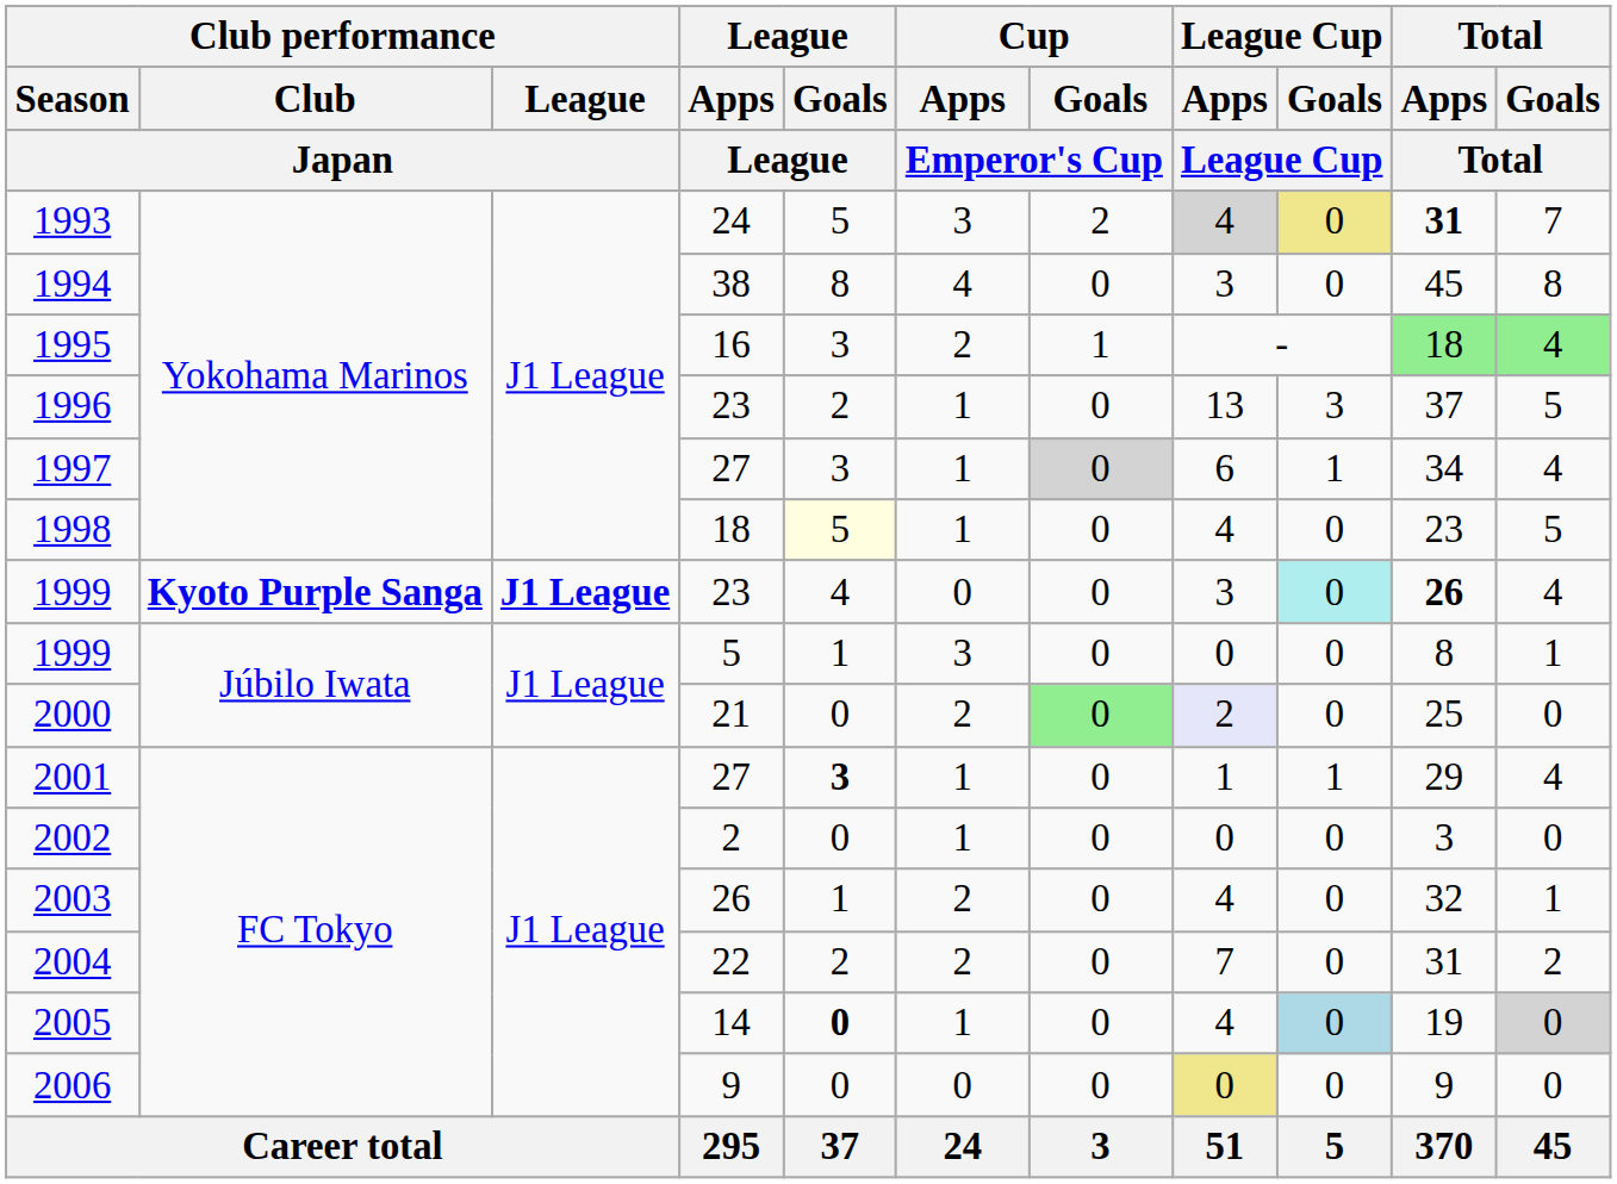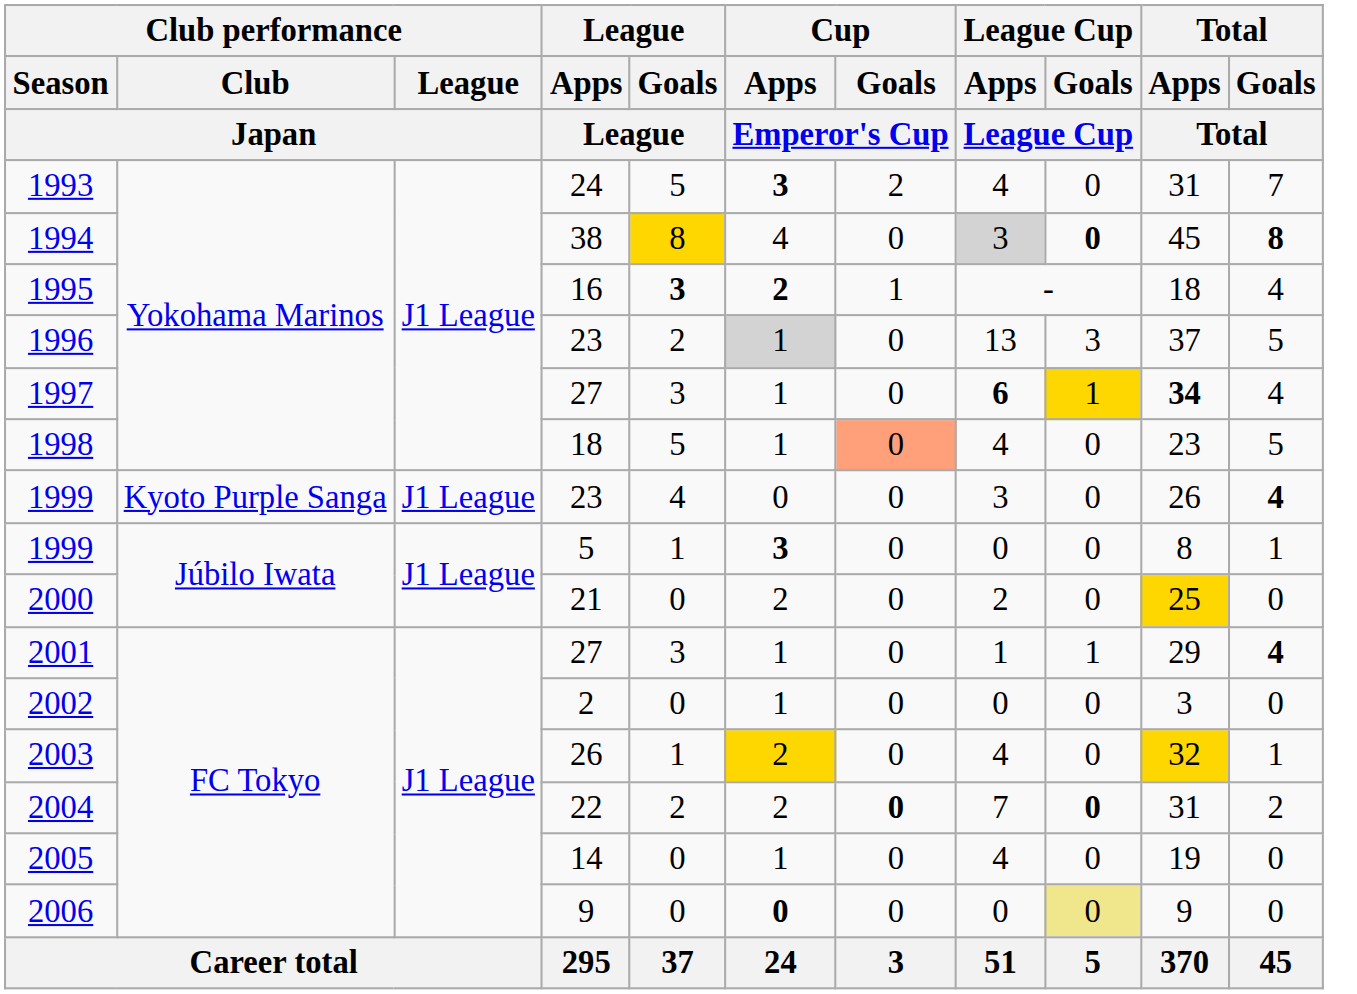 <table class="wikitable" style="text-align:center">
 <tr>
 <th colspan=3>Club performance</th>
 <th colspan=2>League</th>
 <th colspan=2>Cup</th>
 <th colspan=2>League Cup</th>
 <th colspan=2>Total</th>
 </tr>
 <tr>
 <th>Season</th>
 <th>Club</th>
 <th>League</th>
 <th>Apps</th>
 <th>Goals</th>
 <th>Apps</th>
 <th>Goals</th>
 <th>Apps</th>
 <th>Goals</th>
 <th>Apps</th>
 <th>Goals</th>
 </tr>
 <tr>
 <th colspan=3>Japan</th>
 <th colspan=2>League</th>
 <th colspan=2><a href='#'>Emperor's Cup</a></th>
 <th colspan=2><a href='#'>League Cup</a></th>
 <th colspan=2>Total</th>
 </tr>
 <tr>
 <td><a href='#'>1993</a></td>
 <td rowspan="6"><a href='#'>Yokohama Marinos</a></td>
 <td rowspan="6"><a href='#'>J1 League</a></td>
 <td>24</td>
 <td>5</td>
-<td>3</td>
+<td><strong>3</strong></td>
 <td>2</td>
-<td style="background: lightgrey;">4</td>
-<td style="background: khaki;">0</td>
-<td><strong>31</strong></td>
+<td>4</td>
+<td>0</td>
+<td>31</td>
 <td>7</td>
 </tr>
 <tr>
 <td><a href='#'>1994</a></td>
 <td>38</td>
-<td>8</td>
+<td style="background: gold;">8</td>
 <td>4</td>
 <td>0</td>
-<td>3</td>
-<td>0</td>
+<td style="background: lightgrey;">3</td>
+<td><strong>0</strong></td>
 <td>45</td>
-<td>8</td>
+<td><strong>8</strong></td>
 </tr>
 <tr>
 <td><a href='#'>1995</a></td>
 <td>16</td>
-<td>3</td>
-<td>2</td>
+<td><strong>3</strong></td>
+<td><strong>2</strong></td>
 <td>1</td>
 <td colspan="2">-</td>
-<td style="background: lightgreen;">18</td>
-<td style="background: lightgreen;">4</td>
+<td>18</td>
+<td>4</td>
 </tr>
 <tr>
 <td><a href='#'>1996</a></td>
 <td>23</td>
 <td>2</td>
-<td>1</td>
+<td style="background: lightgrey;">1</td>
 <td>0</td>
 <td>13</td>
 <td>3</td>
 <td>37</td>
 <td>5</td>
 </tr>
 <tr>
 <td><a href='#'>1997</a></td>
 <td>27</td>
 <td>3</td>
 <td>1</td>
-<td style="background: lightgrey;">0</td>
-<td>6</td>
-<td>1</td>
-<td>34</td>
+<td>0</td>
+<td><strong>6</strong></td>
+<td style="background: gold;">1</td>
+<td><strong>34</strong></td>
 <td>4</td>
 </tr>
 <tr>
 <td><a href='#'>1998</a></td>
 <td>18</td>
-<td style="background: lightyellow;">5</td>
+<td>5</td>
 <td>1</td>
-<td>0</td>
+<td style="background: lightsalmon;">0</td>
 <td>4</td>
 <td>0</td>
 <td>23</td>
 <td>5</td>
 </tr>
 <tr>
 <td><a href='#'>1999</a></td>
-<td><strong><a href='#'>Kyoto Purple Sanga</a></strong></td>
-<td><strong><a href='#'>J1 League</a></strong></td>
+<td><a href='#'>Kyoto Purple Sanga</a></td>
+<td><a href='#'>J1 League</a></td>
 <td>23</td>
 <td>4</td>
 <td>0</td>
 <td>0</td>
 <td>3</td>
-<td style="background: paleturquoise;">0</td>
-<td><strong>26</strong></td>
-<td>4</td>
+<td>0</td>
+<td>26</td>
+<td><strong>4</strong></td>
 </tr>
 <tr>
 <td><a href='#'>1999</a></td>
 <td rowspan="2"><a href='#'>Júbilo Iwata</a></td>
 <td rowspan="2"><a href='#'>J1 League</a></td>
 <td>5</td>
 <td>1</td>
-<td>3</td>
+<td><strong>3</strong></td>
 <td>0</td>
 <td>0</td>
 <td>0</td>
 <td>8</td>
 <td>1</td>
 </tr>
 <tr>
 <td><a href='#'>2000</a></td>
 <td>21</td>
 <td>0</td>
 <td>2</td>
-<td style="background: lightgreen;">0</td>
-<td style="background: lavender;">2</td>
 <td>0</td>
-<td>25</td>
+<td>2</td>
+<td>0</td>
+<td style="background: gold;">25</td>
 <td>0</td>
 </tr>
 <tr>
 <td><a href='#'>2001</a></td>
 <td rowspan="6"><a href='#'>FC Tokyo</a></td>
 <td rowspan="6"><a href='#'>J1 League</a></td>
 <td>27</td>
-<td><strong>3</strong></td>
+<td>3</td>
 <td>1</td>
 <td>0</td>
 <td>1</td>
 <td>1</td>
 <td>29</td>
-<td>4</td>
+<td><strong>4</strong></td>
 </tr>
 <tr>
 <td><a href='#'>2002</a></td>
 <td>2</td>
 <td>0</td>
 <td>1</td>
 <td>0</td>
 <td>0</td>
 <td>0</td>
 <td>3</td>
 <td>0</td>
 </tr>
 <tr>
 <td><a href='#'>2003</a></td>
 <td>26</td>
 <td>1</td>
-<td>2</td>
+<td style="background: gold;">2</td>
 <td>0</td>
 <td>4</td>
 <td>0</td>
-<td>32</td>
+<td style="background: gold;">32</td>
 <td>1</td>
 </tr>
 <tr>
 <td><a href='#'>2004</a></td>
 <td>22</td>
 <td>2</td>
 <td>2</td>
-<td>0</td>
+<td><strong>0</strong></td>
 <td>7</td>
-<td>0</td>
+<td><strong>0</strong></td>
 <td>31</td>
 <td>2</td>
 </tr>
 <tr>
 <td><a href='#'>2005</a></td>
 <td>14</td>
-<td><strong>0</strong></td>
+<td>0</td>
 <td>1</td>
 <td>0</td>
 <td>4</td>
-<td style="background: lightblue;">0</td>
+<td>0</td>
 <td>19</td>
-<td style="background: lightgrey;">0</td>
+<td>0</td>
 </tr>
 <tr>
 <td><a href='#'>2006</a></td>
 <td>9</td>
 <td>0</td>
+<td><strong>0</strong></td>
 <td>0</td>
 <td>0</td>
 <td style="background: khaki;">0</td>
-<td>0</td>
 <td>9</td>
 <td>0</td>
 </tr>
 <tr>
 <th colspan=3>Career total</th>
 <th>295</th>
 <th>37</th>
 <th>24</th>
 <th>3</th>
 <th>51</th>
 <th>5</th>
 <th>370</th>
 <th>45</th>
 </tr>
 </table>
